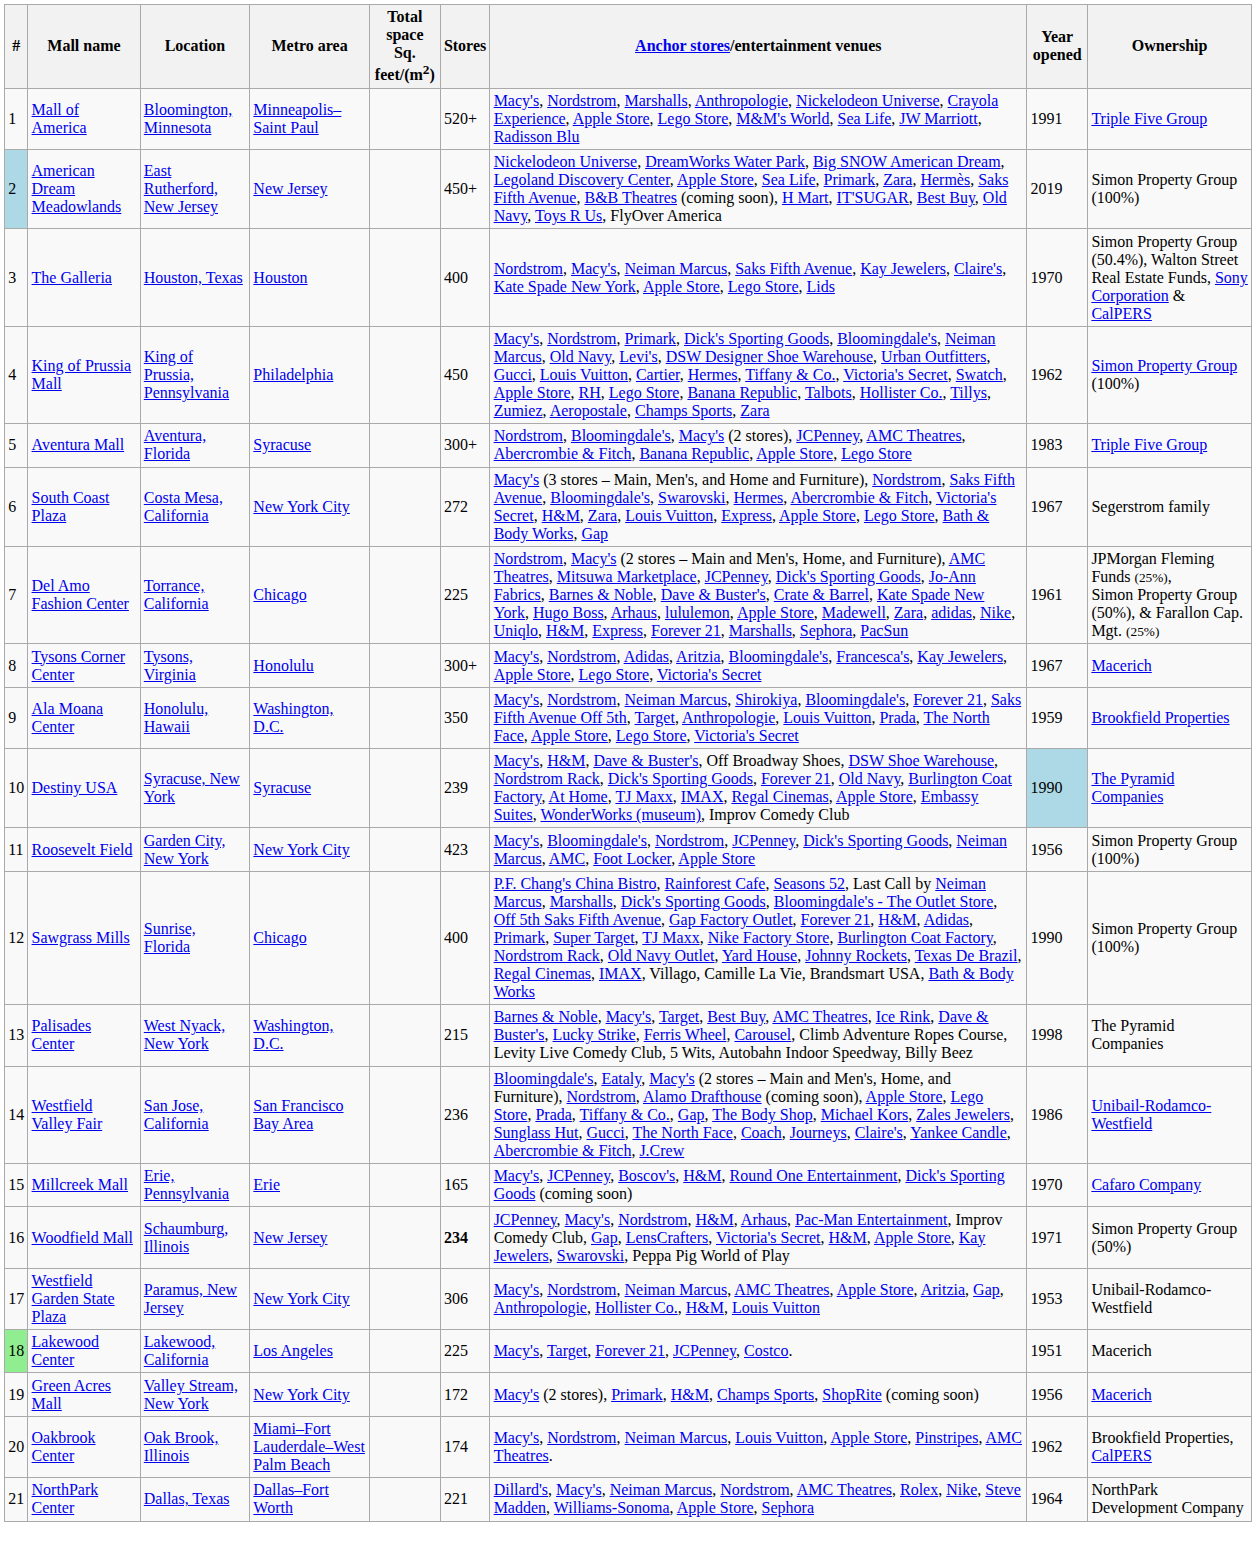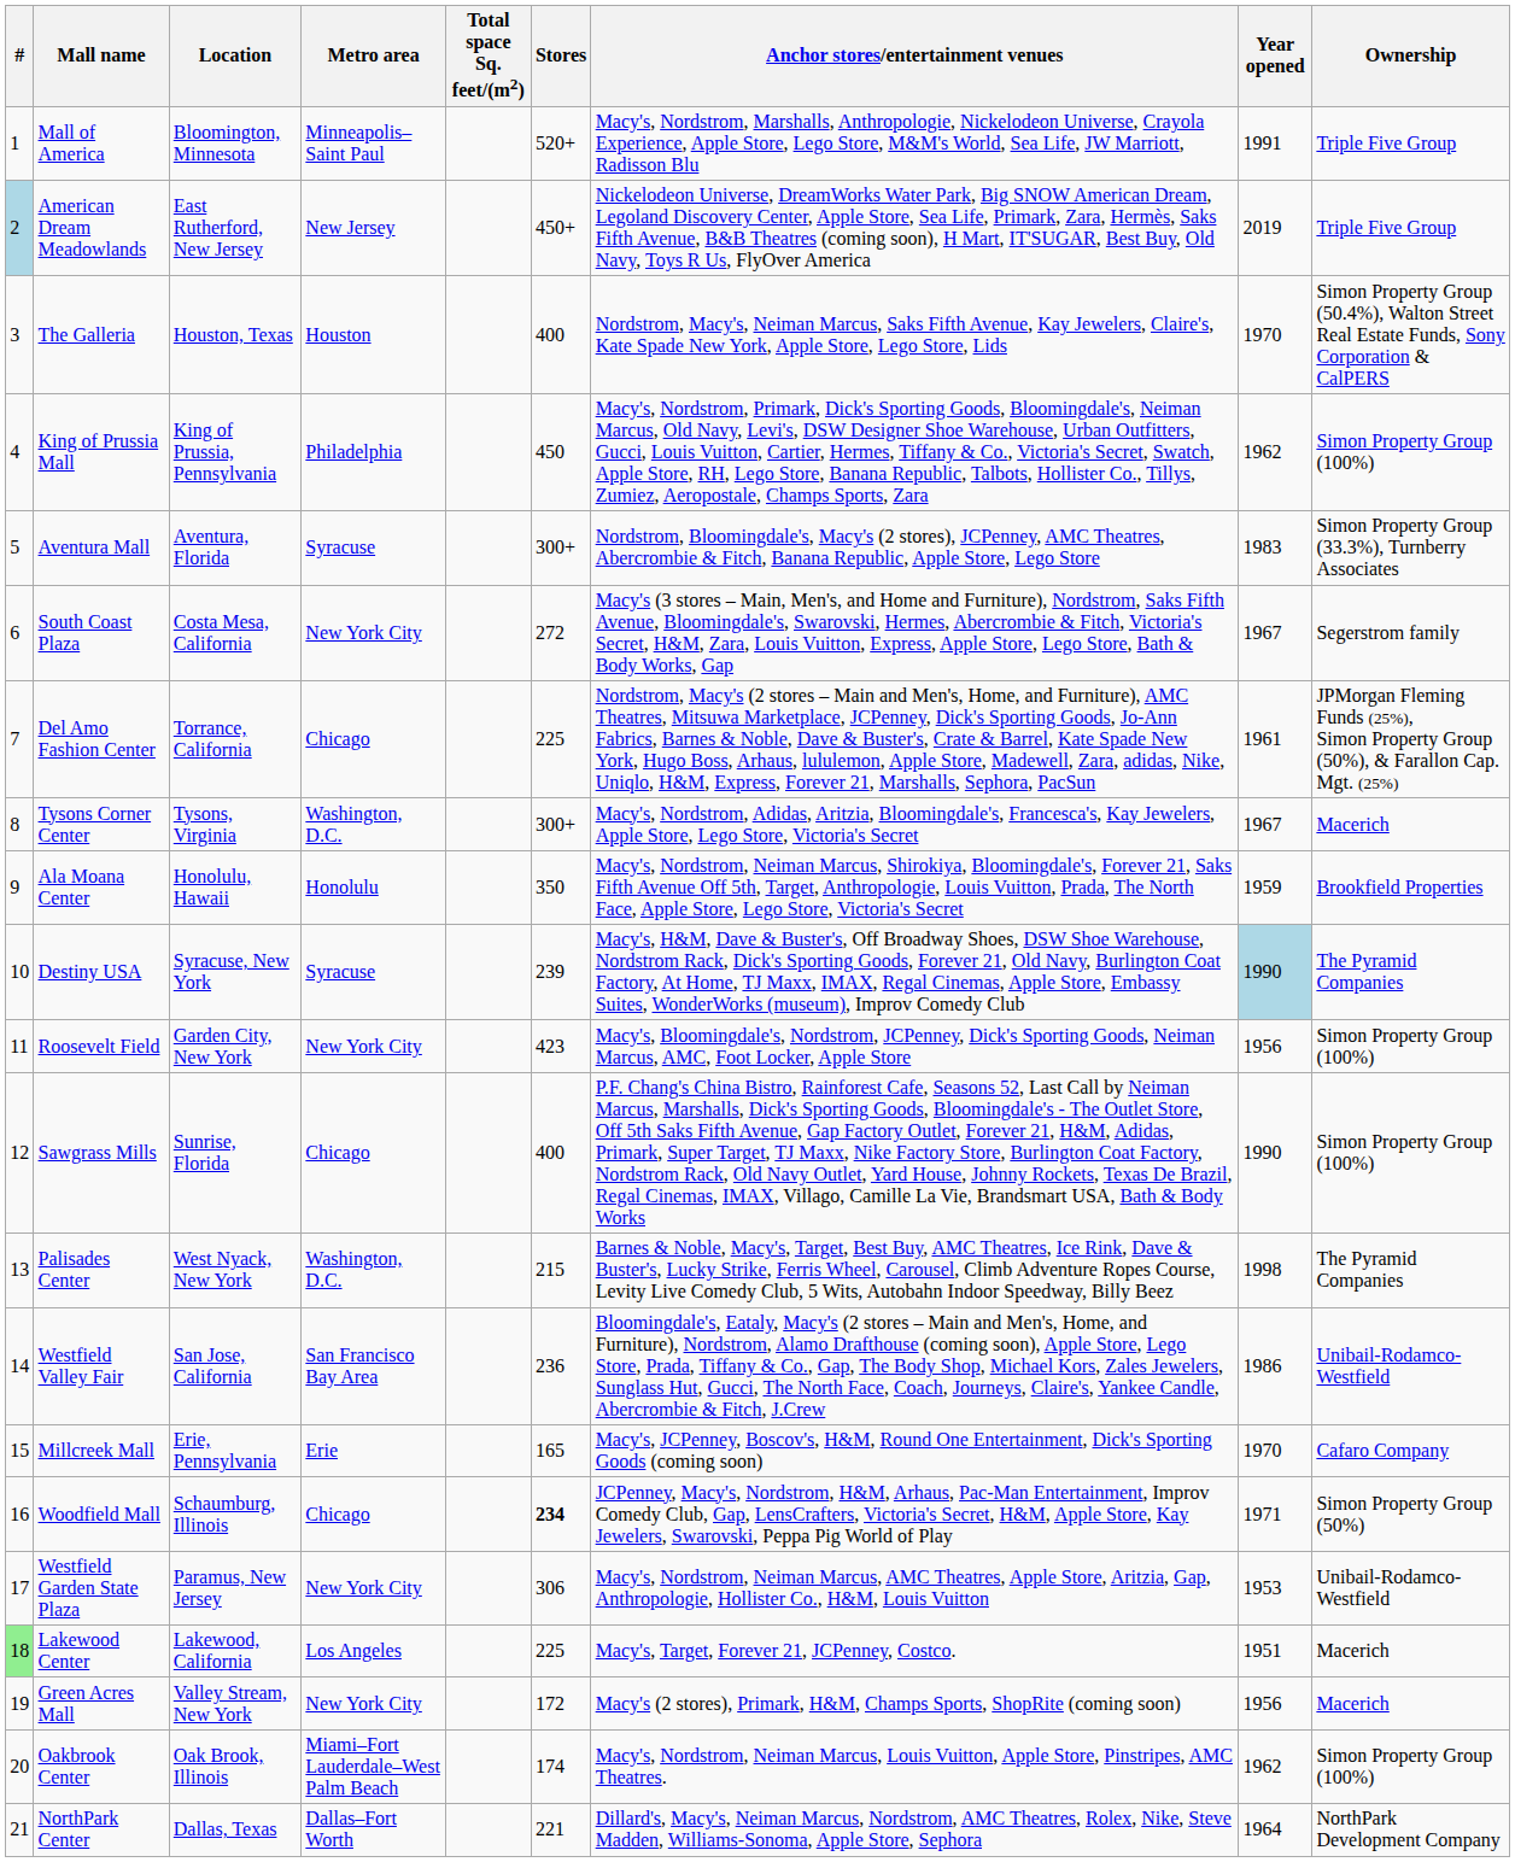 <table class="wikitable sortable">
 <tr>
 <th data-sort-type=number>#</th>
 <th>Mall name</th>
 <th>Location</th>
 <th>Metro area</th>
 <th>Total space<br>Sq. feet/(m<sup>2</sup>)</th>
 <th>Stores</th>
 <th><a href='#'>Anchor stores</a>/entertainment venues</th>
 <th>Year opened</th>
 <th>Ownership</th>
 </tr>
 <tr>
 <td>1</td>
 <td><a href='#'>Mall of America</a></td>
 <td><a href='#'>Bloomington, Minnesota</a></td>
 <td><a href='#'>Minneapolis–Saint Paul</a></td>
 <td></td>
 <td>520+</td>
 <td><a href='#'>Macy's</a>, <a href='#'>Nordstrom</a>, <a href='#'>Marshalls</a>, <a href='#'>Anthropologie</a>, <a href='#'>Nickelodeon Universe</a>, <a href='#'>Crayola Experience</a>, <a href='#'>Apple Store</a>, <a href='#'>Lego Store</a>, <a href='#'>M&M's World</a>, <a href='#'>Sea Life</a>,  <a href='#'>JW Marriott</a>, <a href='#'>Radisson Blu</a></td>
 <td>1991</td>
 <td><a href='#'>Triple Five Group</a></td>
 </tr>
 <tr>
 <td style="background: lightblue;">2</td>
 <td><a href='#'>American Dream Meadowlands</a></td>
 <td><a href='#'>East Rutherford, New Jersey</a></td>
 <td><a href='#'>New Jersey</a></td>
 <td></td>
 <td>450+</td>
 <td><a href='#'>Nickelodeon Universe</a>, <a href='#'>DreamWorks Water Park</a>, <a href='#'>Big SNOW American Dream</a>, <a href='#'>Legoland Discovery Center</a>, <a href='#'>Apple Store</a>, <a href='#'>Sea Life</a>, <a href='#'>Primark</a>, <a href='#'>Zara</a>, <a href='#'>Hermès</a>, <a href='#'>Saks Fifth Avenue</a>, <a href='#'>B&B Theatres</a> (coming soon), <a href='#'>H Mart</a>, <a href='#'>IT'SUGAR</a>, <a href='#'>Best Buy</a>, <a href='#'>Old Navy</a>, <a href='#'>Toys R Us</a>, FlyOver America</td>
 <td>2019</td>
-<td>Simon Property Group (100%)</td>
+<td><a href='#'>Triple Five Group</a></td>
 </tr>
 <tr>
 <td>3</td>
 <td><a href='#'>The Galleria</a></td>
 <td><a href='#'>Houston, Texas</a></td>
 <td><a href='#'>Houston</a></td>
 <td></td>
 <td>400</td>
 <td><a href='#'>Nordstrom</a>, <a href='#'>Macy's</a>, <a href='#'>Neiman Marcus</a>, <a href='#'>Saks Fifth Avenue</a>, <a href='#'>Kay Jewelers</a>, <a href='#'>Claire's</a>, <a href='#'>Kate Spade New York</a>, <a href='#'>Apple Store</a>, <a href='#'>Lego Store</a>, <a href='#'>Lids</a></td>
 <td>1970</td>
 <td>Simon Property Group (50.4%), Walton Street Real Estate Funds, <a href='#'>Sony Corporation</a> & <a href='#'>CalPERS</a></td>
 </tr>
 <tr>
 <td>4</td>
 <td><a href='#'>King of Prussia Mall</a></td>
 <td><a href='#'>King of Prussia, Pennsylvania</a></td>
 <td><a href='#'>Philadelphia</a></td>
 <td></td>
 <td>450</td>
 <td><a href='#'>Macy's</a>, <a href='#'>Nordstrom</a>, <a href='#'>Primark</a>, <a href='#'>Dick's Sporting Goods</a>, <a href='#'>Bloomingdale's</a>, <a href='#'>Neiman Marcus</a>, <a href='#'>Old Navy</a>, <a href='#'>Levi's</a>, <a href='#'>DSW Designer Shoe Warehouse</a>, <a href='#'>Urban Outfitters</a>, <a href='#'>Gucci</a>, <a href='#'>Louis Vuitton</a>, <a href='#'>Cartier</a>, <a href='#'>Hermes</a>, <a href='#'>Tiffany & Co.</a>, <a href='#'>Victoria's Secret</a>, <a href='#'>Swatch</a>, <a href='#'>Apple Store</a>, <a href='#'>RH</a>, <a href='#'>Lego Store</a>, <a href='#'>Banana Republic</a>, <a href='#'>Talbots</a>, <a href='#'>Hollister Co.</a>, <a href='#'>Tillys</a>, <a href='#'>Zumiez</a>, <a href='#'>Aeropostale</a>, <a href='#'>Champs Sports</a>, <a href='#'>Zara</a></td>
 <td>1962</td>
 <td><a href='#'>Simon Property Group</a> (100%)</td>
 </tr>
 <tr>
 <td>5</td>
 <td><a href='#'>Aventura Mall</a></td>
 <td><a href='#'>Aventura, Florida</a></td>
 <td><a href='#'>Syracuse</a></td>
 <td></td>
 <td>300+<br></td>
 <td><a href='#'>Nordstrom</a>, <a href='#'>Bloomingdale's</a>, <a href='#'>Macy's</a> (2 stores), <a href='#'>JCPenney</a>, <a href='#'>AMC Theatres</a>, <a href='#'>Abercrombie & Fitch</a>, <a href='#'>Banana Republic</a>, <a href='#'>Apple Store</a>, <a href='#'>Lego Store</a></td>
 <td>1983</td>
-<td><a href='#'>Triple Five Group</a></td>
+<td>Simon Property Group (33.3%), Turnberry Associates</td>
 </tr>
 <tr>
 <td>6</td>
 <td><a href='#'>South Coast Plaza</a></td>
 <td><a href='#'>Costa Mesa, California</a></td>
 <td><a href='#'>New York City</a></td>
 <td></td>
 <td>272</td>
 <td><a href='#'>Macy's</a> (3 stores – Main, Men's, and Home and Furniture), <a href='#'>Nordstrom</a>, <a href='#'>Saks Fifth Avenue</a>, <a href='#'>Bloomingdale's</a>, <a href='#'>Swarovski</a>, <a href='#'>Hermes</a>, <a href='#'>Abercrombie & Fitch</a>, <a href='#'>Victoria's Secret</a>, <a href='#'>H&M</a>, <a href='#'>Zara</a>, <a href='#'>Louis Vuitton</a>, <a href='#'>Express</a>, <a href='#'>Apple Store</a>, <a href='#'>Lego Store</a>, <a href='#'>Bath & Body Works</a>, <a href='#'>Gap</a></td>
 <td>1967</td>
 <td>Segerstrom family</td>
 </tr>
 <tr>
 <td>7</td>
 <td><a href='#'>Del Amo Fashion Center</a></td>
 <td><a href='#'>Torrance, California</a></td>
 <td><a href='#'>Chicago</a></td>
 <td></td>
 <td>225</td>
 <td><a href='#'>Nordstrom</a>, <a href='#'>Macy's</a> (2 stores – Main and Men's, Home, and Furniture), <a href='#'>AMC Theatres</a>, <a href='#'>Mitsuwa Marketplace</a>, <a href='#'>JCPenney</a>, <a href='#'>Dick's Sporting Goods</a>, <a href='#'>Jo-Ann Fabrics</a>, <a href='#'>Barnes & Noble</a>, <a href='#'>Dave & Buster's</a>, <a href='#'>Crate & Barrel</a>, <a href='#'>Kate Spade New York</a>, <a href='#'>Hugo Boss</a>, <a href='#'>Arhaus</a>, <a href='#'>lululemon</a>, <a href='#'>Apple Store</a>, <a href='#'>Madewell</a>, <a href='#'>Zara</a>, <a href='#'>adidas</a>, <a href='#'>Nike</a>, <a href='#'>Uniqlo</a>, <a href='#'>H&M</a>, <a href='#'>Express</a>, <a href='#'>Forever 21</a>, <a href='#'>Marshalls</a>, <a href='#'>Sephora</a>, <a href='#'>PacSun</a></td>
 <td>1961</td>
 <td>JPMorgan Fleming Funds <small>(25%)</small>,<br>Simon Property Group (50%),  & Farallon Cap. Mgt. <small>(25%)</small></td>
 </tr>
 <tr>
 <td>8</td>
 <td><a href='#'>Tysons Corner Center</a></td>
 <td><a href='#'>Tysons, Virginia</a></td>
-<td><a href='#'>Honolulu</a></td>
+<td><a href='#'>Washington, D.C.</a></td>
 <td></td>
 <td>300+</td>
 <td><a href='#'>Macy's</a>, <a href='#'>Nordstrom</a>, <a href='#'>Adidas</a>, <a href='#'>Aritzia</a>, <a href='#'>Bloomingdale's</a>, <a href='#'>Francesca's</a>, <a href='#'>Kay Jewelers</a>, <a href='#'>Apple Store</a>, <a href='#'>Lego Store</a>, <a href='#'>Victoria's Secret</a></td>
 <td>1967</td>
 <td><a href='#'>Macerich</a></td>
 </tr>
 <tr>
 <td>9</td>
 <td><a href='#'>Ala Moana Center</a></td>
 <td><a href='#'>Honolulu, Hawaii</a></td>
-<td><a href='#'>Washington, D.C.</a></td>
+<td><a href='#'>Honolulu</a></td>
 <td></td>
 <td>350</td>
 <td><a href='#'>Macy's</a>, <a href='#'>Nordstrom</a>, <a href='#'>Neiman Marcus</a>, <a href='#'>Shirokiya</a>, <a href='#'>Bloomingdale's</a>, <a href='#'>Forever 21</a>, <a href='#'>Saks Fifth Avenue Off 5th</a>, <a href='#'>Target</a>, <a href='#'>Anthropologie</a>, <a href='#'>Louis Vuitton</a>, <a href='#'>Prada</a>, <a href='#'>The North Face</a>, <a href='#'>Apple Store</a>, <a href='#'>Lego Store</a>, <a href='#'>Victoria's Secret</a></td>
 <td>1959</td>
 <td><a href='#'>Brookfield Properties</a></td>
 </tr>
 <tr>
 <td>10</td>
 <td><a href='#'>Destiny USA</a></td>
 <td><a href='#'>Syracuse, New York</a></td>
 <td><a href='#'>Syracuse</a></td>
 <td></td>
 <td>239</td>
 <td><a href='#'>Macy's</a>, <a href='#'>H&M</a>, <a href='#'>Dave & Buster's</a>, Off Broadway Shoes, <a href='#'>DSW Shoe Warehouse</a>, <a href='#'>Nordstrom Rack</a>, <a href='#'>Dick's Sporting Goods</a>, <a href='#'>Forever 21</a>, <a href='#'>Old Navy</a>, <a href='#'>Burlington Coat Factory</a>, <a href='#'>At Home</a>, <a href='#'>TJ Maxx</a>, <a href='#'>IMAX</a>, <a href='#'>Regal Cinemas</a>, <a href='#'>Apple Store</a>, <a href='#'>Embassy Suites</a>, <a href='#'>WonderWorks (museum)</a>, Improv Comedy Club</td>
 <td style="background: lightblue;">1990</td>
 <td><a href='#'>The Pyramid Companies</a></td>
 </tr>
 <tr>
 <td>11</td>
 <td><a href='#'>Roosevelt Field</a></td>
 <td><a href='#'>Garden City, New York</a></td>
 <td><a href='#'>New York City</a></td>
 <td></td>
 <td>423</td>
 <td><a href='#'>Macy's</a>, <a href='#'>Bloomingdale's</a>, <a href='#'>Nordstrom</a>, <a href='#'>JCPenney</a>, <a href='#'>Dick's Sporting Goods</a>, <a href='#'>Neiman Marcus</a>, <a href='#'>AMC</a>, <a href='#'>Foot Locker</a>, <a href='#'>Apple Store</a></td>
 <td>1956</td>
 <td>Simon Property Group (100%)</td>
 </tr>
 <tr>
 <td>12</td>
 <td><a href='#'>Sawgrass Mills</a></td>
 <td><a href='#'>Sunrise, Florida</a></td>
 <td><a href='#'>Chicago</a></td>
 <td></td>
 <td>400</td>
 <td><a href='#'>P.F. Chang's China Bistro</a>, <a href='#'>Rainforest Cafe</a>, <a href='#'>Seasons 52</a>, Last Call by <a href='#'>Neiman Marcus</a>, <a href='#'>Marshalls</a>, <a href='#'>Dick's Sporting Goods</a>, <a href='#'>Bloomingdale's - The Outlet Store</a>, <a href='#'>Off 5th Saks Fifth Avenue</a>, <a href='#'>Gap Factory Outlet</a>, <a href='#'>Forever 21</a>, <a href='#'>H&M</a>, <a href='#'>Adidas</a>, <a href='#'>Primark</a>, <a href='#'>Super Target</a>, <a href='#'>TJ Maxx</a>, <a href='#'>Nike Factory Store</a>, <a href='#'>Burlington Coat Factory</a>, <a href='#'>Nordstrom Rack</a>, <a href='#'>Old Navy Outlet</a>, <a href='#'>Yard House</a>, <a href='#'>Johnny Rockets</a>, <a href='#'>Texas De Brazil</a>, <a href='#'>Regal Cinemas</a>, <a href='#'>IMAX</a>, Villago, Camille La Vie, Brandsmart USA, <a href='#'>Bath & Body Works</a></td>
 <td>1990</td>
 <td>Simon Property Group (100%)</td>
 </tr>
 <tr>
 <td>13</td>
 <td><a href='#'>Palisades Center</a></td>
 <td><a href='#'>West Nyack, New York</a></td>
 <td><a href='#'>Washington, D.C.</a></td>
 <td></td>
 <td>215</td>
 <td><a href='#'>Barnes & Noble</a>, <a href='#'>Macy's</a>, <a href='#'>Target</a>, <a href='#'>Best Buy</a>, <a href='#'>AMC Theatres</a>, <a href='#'>Ice Rink</a>, <a href='#'>Dave & Buster's</a>, <a href='#'>Lucky Strike</a>, <a href='#'>Ferris Wheel</a>, <a href='#'>Carousel</a>, Climb Adventure Ropes Course, Levity Live Comedy Club, 5 Wits, Autobahn Indoor Speedway, Billy Beez</td>
 <td>1998</td>
 <td>The Pyramid Companies</td>
 </tr>
 <tr>
 <td>14</td>
 <td><a href='#'>Westfield Valley Fair</a></td>
 <td><a href='#'>San Jose, California</a></td>
 <td><a href='#'>San Francisco Bay Area</a></td>
 <td></td>
 <td>236</td>
 <td><a href='#'>Bloomingdale's</a>, <a href='#'>Eataly</a>, <a href='#'>Macy's</a> (2 stores – Main and Men's, Home, and Furniture), <a href='#'>Nordstrom</a>, <a href='#'>Alamo Drafthouse</a> (coming soon), <a href='#'>Apple Store</a>, <a href='#'>Lego Store</a>, <a href='#'>Prada</a>, <a href='#'>Tiffany & Co.</a>, <a href='#'>Gap</a>, <a href='#'>The Body Shop</a>, <a href='#'>Michael Kors</a>, <a href='#'>Zales Jewelers</a>, <a href='#'>Sunglass Hut</a>, <a href='#'>Gucci</a>, <a href='#'>The North Face</a>, <a href='#'>Coach</a>, <a href='#'>Journeys</a>, <a href='#'>Claire's</a>, <a href='#'>Yankee Candle</a>, <a href='#'>Abercrombie & Fitch</a>, <a href='#'>J.Crew</a></td>
 <td>1986</td>
 <td><a href='#'>Unibail-Rodamco-Westfield</a></td>
 </tr>
 <tr>
 <td>15</td>
 <td><a href='#'>Millcreek Mall</a></td>
 <td><a href='#'>Erie, Pennsylvania</a></td>
 <td><a href='#'>Erie</a></td>
 <td></td>
 <td>165</td>
 <td><a href='#'>Macy's</a>, <a href='#'>JCPenney</a>, <a href='#'>Boscov's</a>, <a href='#'>H&M</a>, <a href='#'>Round One Entertainment</a>, <a href='#'>Dick's Sporting Goods</a> (coming soon)</td>
 <td>1970</td>
 <td><a href='#'>Cafaro Company</a></td>
 </tr>
 <tr>
 <td>16</td>
 <td><a href='#'>Woodfield Mall</a></td>
 <td><a href='#'>Schaumburg, Illinois</a></td>
-<td><a href='#'>New Jersey</a></td>
+<td><a href='#'>Chicago</a></td>
 <td></td>
 <td><strong>234</strong></td>
 <td><a href='#'>JCPenney</a>, <a href='#'>Macy's</a>, <a href='#'>Nordstrom</a>, <a href='#'>H&M</a>, <a href='#'>Arhaus</a>, <a href='#'>Pac-Man Entertainment</a>, Improv Comedy Club, <a href='#'>Gap</a>, <a href='#'>LensCrafters</a>, <a href='#'>Victoria's Secret</a>, <a href='#'>H&M</a>, <a href='#'>Apple Store</a>, <a href='#'>Kay Jewelers</a>, <a href='#'>Swarovski</a>, Peppa Pig World of Play</td>
 <td>1971</td>
 <td>Simon Property Group (50%)</td>
 </tr>
 <tr>
 <td>17</td>
 <td><a href='#'>Westfield Garden State Plaza</a></td>
 <td><a href='#'>Paramus, New Jersey</a></td>
 <td><a href='#'>New York City</a></td>
 <td></td>
 <td>306</td>
 <td><a href='#'>Macy's</a>, <a href='#'>Nordstrom</a>, <a href='#'>Neiman Marcus</a>, <a href='#'>AMC Theatres</a>, <a href='#'>Apple Store</a>, <a href='#'>Aritzia</a>, <a href='#'>Gap</a>, <a href='#'>Anthropologie</a>, <a href='#'>Hollister Co.</a>, <a href='#'>H&M</a>, <a href='#'>Louis Vuitton</a></td>
 <td>1953</td>
 <td>Unibail-Rodamco-Westfield</td>
 </tr>
 <tr>
 <td style="background: lightgreen;">18</td>
 <td><a href='#'>Lakewood Center</a></td>
 <td><a href='#'>Lakewood, California</a></td>
 <td><a href='#'>Los Angeles</a></td>
 <td></td>
 <td>225</td>
 <td><a href='#'>Macy's</a>, <a href='#'>Target</a>, <a href='#'>Forever 21</a>, <a href='#'>JCPenney</a>, <a href='#'>Costco</a>.</td>
 <td>1951</td>
 <td>Macerich</td>
 </tr>
 <tr>
 <td>19</td>
 <td><a href='#'>Green Acres Mall</a></td>
 <td><a href='#'>Valley Stream, New York</a></td>
 <td><a href='#'>New York City</a></td>
 <td></td>
 <td>172</td>
 <td><a href='#'>Macy's</a> (2 stores), <a href='#'>Primark</a>, <a href='#'>H&M</a>, <a href='#'>Champs Sports</a>, <a href='#'>ShopRite</a> (coming soon)</td>
 <td>1956</td>
 <td><a href='#'>Macerich</a></td>
 </tr>
 <tr>
 <td>20</td>
 <td><a href='#'>Oakbrook Center</a></td>
 <td><a href='#'>Oak Brook, Illinois</a></td>
 <td><a href='#'>Miami–Fort Lauderdale–West Palm Beach</a></td>
 <td></td>
 <td>174</td>
 <td><a href='#'>Macy's</a>, <a href='#'>Nordstrom</a>, <a href='#'>Neiman Marcus</a>, <a href='#'>Louis Vuitton</a>, <a href='#'>Apple Store</a>, <a href='#'>Pinstripes</a>, <a href='#'>AMC Theatres</a>.</td>
 <td>1962</td>
-<td>Brookfield Properties, <a href='#'>CalPERS</a></td>
+<td>Simon Property Group (100%)</td>
 </tr>
 <tr>
 <td>21</td>
 <td><a href='#'>NorthPark Center</a></td>
 <td><a href='#'>Dallas, Texas</a></td>
 <td><a href='#'>Dallas–Fort Worth</a></td>
 <td></td>
 <td>221</td>
 <td><a href='#'>Dillard's</a>, <a href='#'>Macy's</a>, <a href='#'>Neiman Marcus</a>, <a href='#'>Nordstrom</a>, <a href='#'>AMC Theatres</a>, <a href='#'>Rolex</a>, <a href='#'>Nike</a>, <a href='#'>Steve Madden</a>, <a href='#'>Williams-Sonoma</a>, <a href='#'>Apple Store</a>, <a href='#'>Sephora</a></td>
 <td>1964</td>
 <td>NorthPark Development Company</td>
 </tr>
 </table>
